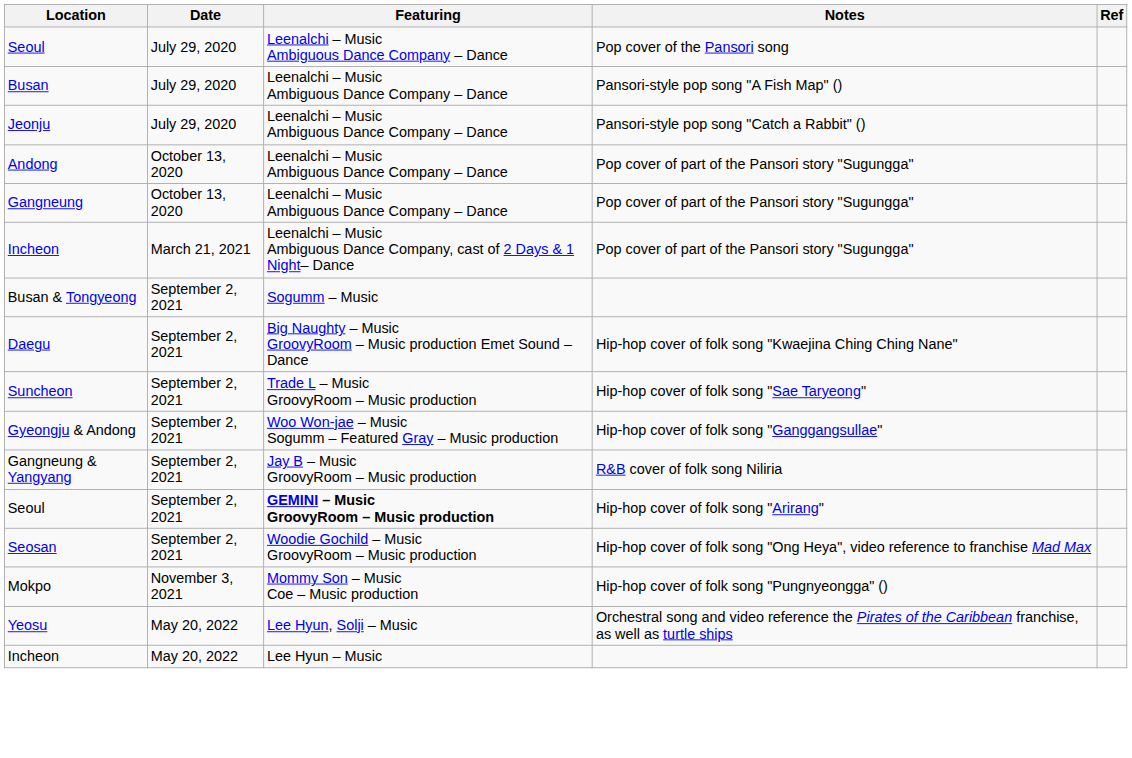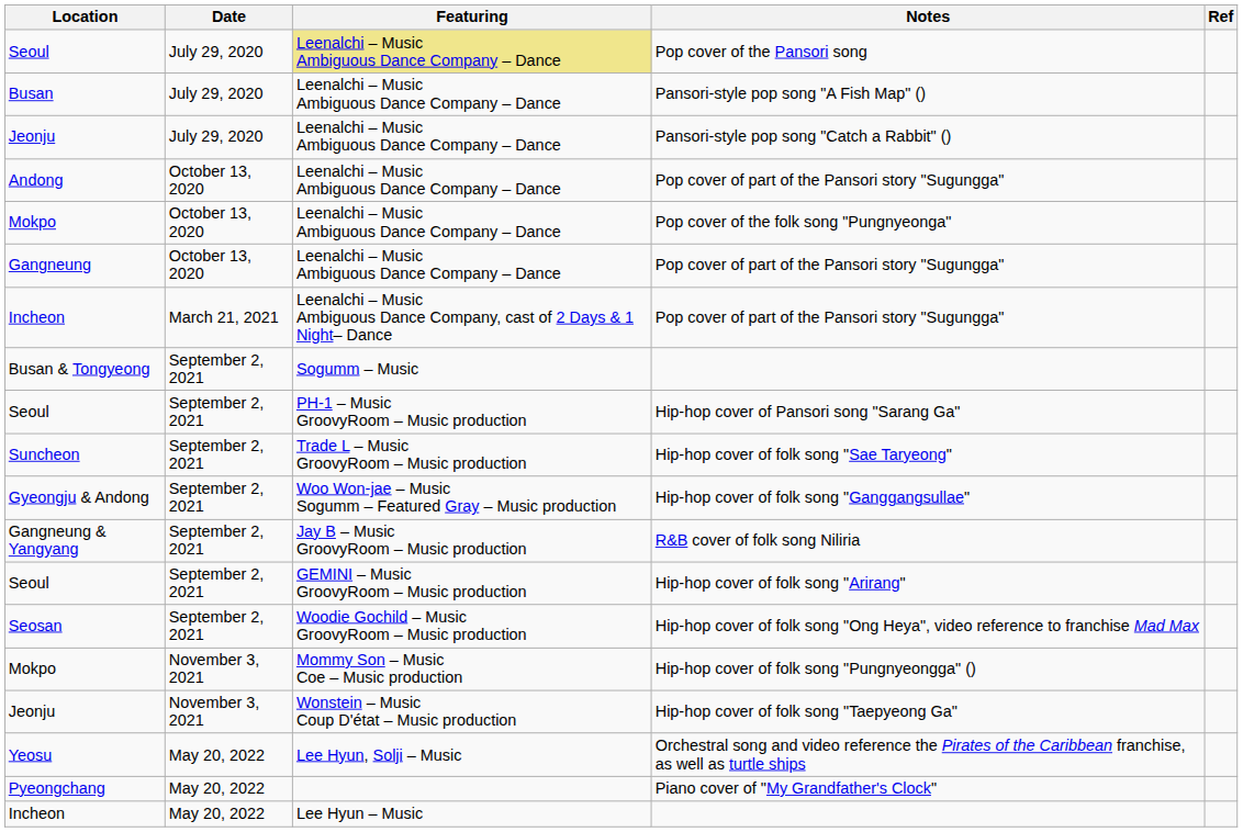 <table class="wikitable">
 <tr>
 <th>Location</th>
 <th>Date</th>
 <th>Featuring</th>
 <th>Notes</th>
 <th>Ref</th>
 </tr>
 <tr>
 <td><a href='#'>Seoul</a></td>
 <td>July 29, 2020</td>
-<td><a href='#'>Leenalchi</a> – Music<br><a href='#'>Ambiguous Dance Company</a> – Dance</td>
+<td style="background: khaki;"><a href='#'>Leenalchi</a> – Music<br><a href='#'>Ambiguous Dance Company</a> – Dance</td>
 <td>Pop cover of the <a href='#'>Pansori</a> song </td>
 <td></td>
 </tr>
 <tr>
 <td><a href='#'>Busan</a></td>
 <td>July 29, 2020</td>
 <td>Leenalchi – Music<br>Ambiguous Dance Company – Dance</td>
 <td>Pansori-style pop song "A Fish Map" ()</td>
 <td></td>
 </tr>
 <tr>
 <td><a href='#'>Jeonju</a></td>
 <td>July 29, 2020</td>
 <td>Leenalchi – Music<br>Ambiguous Dance Company – Dance</td>
 <td>Pansori-style pop song "Catch a Rabbit" ()</td>
 <td></td>
 </tr>
 <tr>
 <td><a href='#'>Andong</a></td>
 <td>October 13, 2020</td>
 <td>Leenalchi – Music<br>Ambiguous Dance Company – Dance</td>
 <td>Pop cover of part of the Pansori story "Sugungga"</td>
 <td></td>
 </tr>
 <tr>
+<td><a href='#'>Mokpo</a></td>
+<td>October 13, 2020</td>
+<td>Leenalchi – Music<br>Ambiguous Dance Company – Dance</td>
+<td>Pop cover of the folk song "Pungnyeonga"</td>
+<td></td>
+</tr>
+<tr>
 <td><a href='#'>Gangneung</a></td>
 <td>October 13, 2020</td>
 <td>Leenalchi – Music<br>Ambiguous Dance Company – Dance</td>
 <td>Pop cover of part of the Pansori story "Sugungga"</td>
 <td></td>
 </tr>
 <tr>
 <td><a href='#'>Incheon</a></td>
 <td>March 21, 2021</td>
 <td>Leenalchi – Music<br>Ambiguous Dance Company, cast of <a href='#'>2 Days & 1 Night</a>– Dance</td>
 <td>Pop cover of part of the Pansori story "Sugungga"</td>
 <td></td>
 </tr>
 <tr>
 <td>Busan & <a href='#'>Tongyeong</a></td>
 <td>September 2, 2021</td>
 <td><a href='#'>Sogumm</a> – Music</td>
 <td></td>
 <td></td>
 </tr>
 <tr>
-<td><a href='#'>Daegu</a></td>
+<td>Seoul</td>
 <td>September 2, 2021</td>
-<td><a href='#'>Big Naughty</a> – Music<br><a href='#'>GroovyRoom</a> – Music production Emet Sound – Dance</td>
-<td>Hip-hop cover of folk song "Kwaejina Ching Ching Nane"</td>
+<td><a href='#'>PH-1</a> – Music<br>GroovyRoom – Music production</td>
+<td>Hip-hop cover of Pansori song "Sarang Ga"</td>
 <td></td>
 </tr>
 <tr>
 <td><a href='#'>Suncheon</a></td>
 <td>September 2, 2021</td>
 <td><a href='#'>Trade L</a> – Music<br>GroovyRoom – Music production</td>
 <td>Hip-hop cover of folk song "<a href='#'>Sae Taryeong</a>"</td>
 <td></td>
 </tr>
 <tr>
 <td><a href='#'>Gyeongju</a> & Andong</td>
 <td>September 2, 2021</td>
 <td><a href='#'>Woo Won-jae</a> – Music<br>Sogumm – Featured <a href='#'>Gray</a> – Music production</td>
 <td>Hip-hop cover of folk song "<a href='#'>Ganggangsullae</a>"</td>
 <td></td>
 </tr>
 <tr>
 <td>Gangneung & <a href='#'>Yangyang</a></td>
 <td>September 2, 2021</td>
 <td><a href='#'>Jay B</a> – Music<br>GroovyRoom – Music production</td>
 <td><a href='#'>R&B</a> cover of folk song Niliria</td>
 <td></td>
 </tr>
 <tr>
 <td>Seoul</td>
 <td>September 2, 2021</td>
-<td><strong><a href='#'>GEMINI</a> – Music<br>GroovyRoom – Music production</strong></td>
+<td><a href='#'>GEMINI</a> – Music<br>GroovyRoom – Music production</td>
 <td>Hip-hop cover of folk song "<a href='#'>Arirang</a>"</td>
 <td></td>
 </tr>
 <tr>
 <td><a href='#'>Seosan</a></td>
 <td>September 2, 2021</td>
 <td><a href='#'>Woodie Gochild</a> – Music<br>GroovyRoom – Music production</td>
 <td>Hip-hop cover of folk song "Ong Heya", video reference to franchise <em><a href='#'>Mad Max</a></em></td>
 <td></td>
 </tr>
 <tr>
 <td>Mokpo</td>
 <td>November 3, 2021</td>
 <td><a href='#'>Mommy Son</a> – Music<br>Coe – Music production</td>
 <td>Hip-hop cover of folk song "Pungnyeongga" ()</td>
 <td></td>
 </tr>
 <tr>
+<td>Jeonju</td>
+<td>November 3, 2021</td>
+<td><a href='#'>Wonstein</a> – Music<br>Coup D'état – Music production</td>
+<td>Hip-hop cover of folk song "Taepyeong Ga"</td>
+<td></td>
+</tr>
+<tr>
 <td><a href='#'>Yeosu</a></td>
 <td>May 20, 2022</td>
 <td><a href='#'>Lee Hyun</a>, <a href='#'>Solji</a> – Music</td>
 <td>Orchestral song and video reference the <em><a href='#'>Pirates of the Caribbean</a></em> franchise, as well as <a href='#'>turtle ships</a></td>
+<td></td>
+</tr>
+<tr>
+<td><a href='#'>Pyeongchang</a></td>
+<td>May 20, 2022</td>
+<td></td>
+<td>Piano cover of "<a href='#'>My Grandfather's Clock</a>"</td>
 <td></td>
 </tr>
 <tr>
 <td>Incheon</td>
 <td>May 20, 2022</td>
 <td>Lee Hyun – Music</td>
 <td></td>
 <td></td>
 </tr>
 </table>
